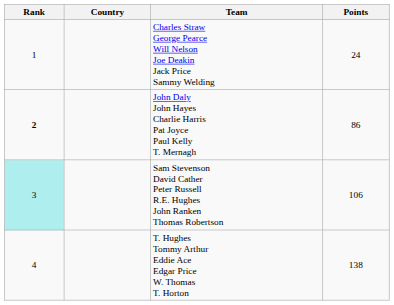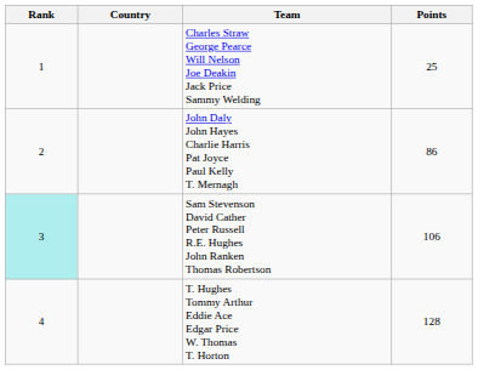 <table class="wikitable sortable" style=" text-align:center; font-size:95%;" width="50%">
 <tr>
 <th>Rank</th>
 <th>Country</th>
 <th>Team</th>
 <th>Points</th>
 </tr>
 <tr>
 <td align=center>1</td>
 <td align=left></td>
 <td align=left><a href='#'>Charles Straw</a><br><a href='#'>George Pearce</a><br><a href='#'>Will Nelson</a><br><a href='#'>Joe Deakin</a><br>Jack Price<br>Sammy Welding</td>
-<td>24</td>
+<td>25</td>
 </tr>
 <tr>
-<td align=center><strong>2</strong></td>
+<td align=center>2</td>
 <td align=left></td>
 <td align=left><a href='#'>John Daly</a><br>John Hayes<br>Charlie Harris<br>Pat Joyce<br>Paul Kelly<br>T. Mernagh</td>
 <td>86</td>
 </tr>
 <tr>
 <td align=center style="background: paleturquoise;">3</td>
 <td align=left></td>
 <td align=left>Sam Stevenson<br>David Cather<br>Peter Russell<br>R.E. Hughes<br>John Ranken<br>Thomas Robertson</td>
 <td>106</td>
 </tr>
 <tr>
 <td align=center>4</td>
 <td align=left></td>
 <td align=left>T. Hughes<br>Tommy Arthur<br>Eddie Ace<br>Edgar Price<br>W. Thomas<br>T. Horton</td>
-<td>138</td>
+<td>128</td>
 </tr>
 </table>
